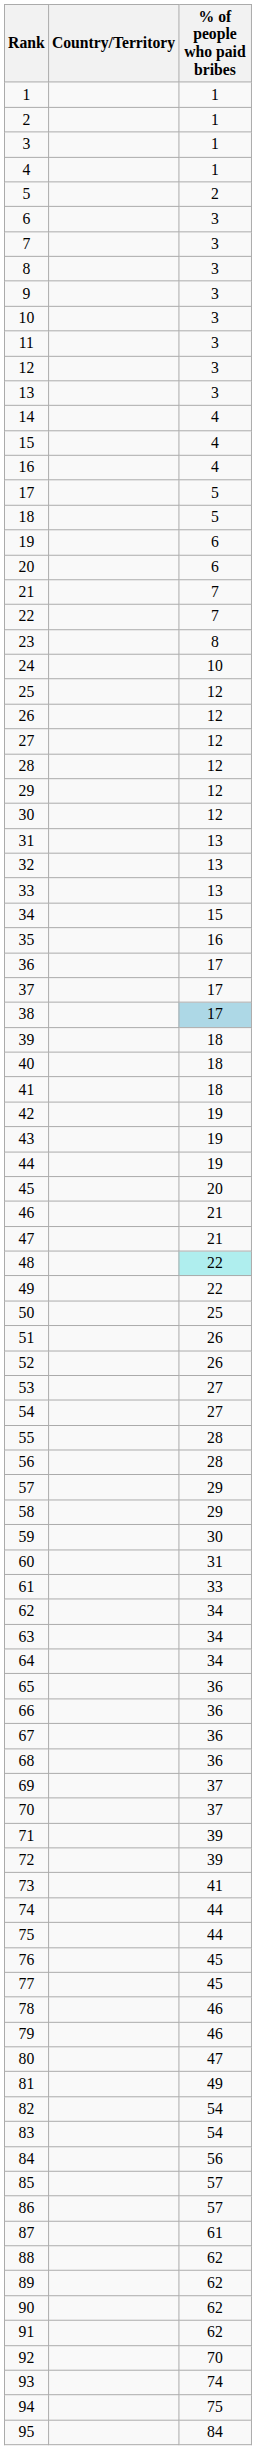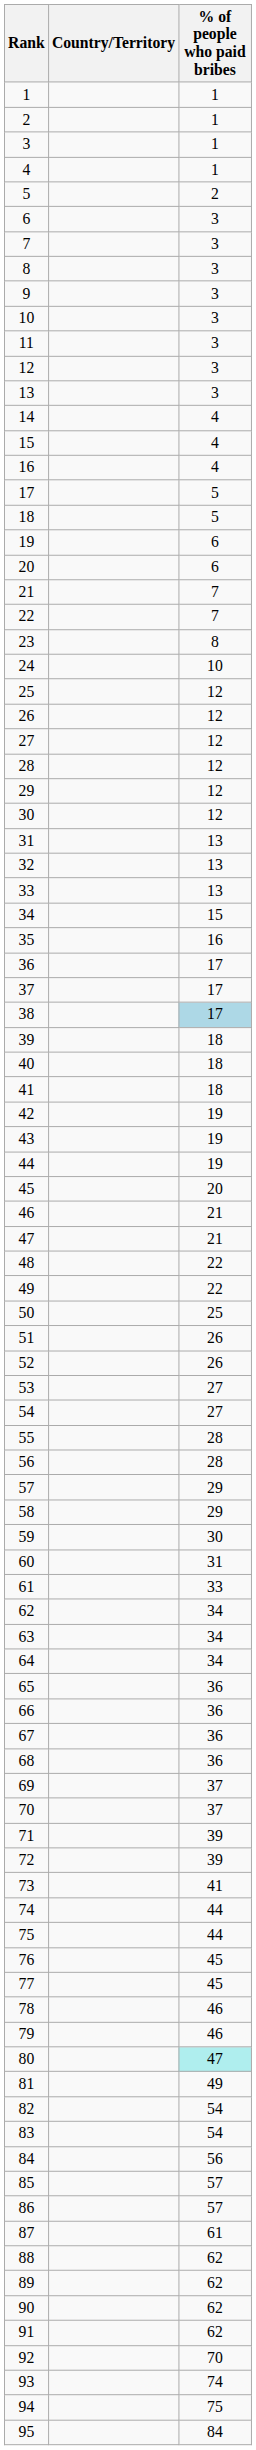 <table class="wikitable sortable" style="font-size: 100%; text-align: center; width: 20%;">
 <tr>
 <th>Rank</th>
 <th>Country/Territory</th>
 <th>% of people who paid bribes</th>
 </tr>
 <tr>
 <td>1</td>
 <td style="text-align: left"></td>
 <td>1</td>
 </tr>
 <tr>
 <td>2</td>
 <td style="text-align: left"></td>
 <td>1</td>
 </tr>
 <tr>
 <td>3</td>
 <td style="text-align: left"></td>
 <td>1</td>
 </tr>
 <tr>
 <td>4</td>
 <td style="text-align: left"></td>
 <td>1</td>
 </tr>
 <tr>
 <td>5</td>
 <td style="text-align: left"></td>
 <td>2</td>
 </tr>
 <tr>
 <td>6</td>
 <td style="text-align: left"></td>
 <td>3</td>
 </tr>
 <tr>
 <td>7</td>
 <td style="text-align: left"></td>
 <td>3</td>
 </tr>
 <tr>
 <td>8</td>
 <td style="text-align: left"></td>
 <td>3</td>
 </tr>
 <tr>
 <td>9</td>
 <td style="text-align: left"></td>
 <td>3</td>
 </tr>
 <tr>
 <td>10</td>
 <td style="text-align: left"></td>
 <td>3</td>
 </tr>
 <tr>
 <td>11</td>
 <td style="text-align: left"></td>
 <td>3</td>
 </tr>
 <tr>
 <td>12</td>
 <td style="text-align: left"></td>
 <td>3</td>
 </tr>
 <tr>
 <td>13</td>
 <td style="text-align: left"></td>
 <td>3</td>
 </tr>
 <tr>
 <td>14</td>
 <td style="text-align: left"></td>
 <td>4</td>
 </tr>
 <tr>
 <td>15</td>
 <td style="text-align: left"></td>
 <td>4</td>
 </tr>
 <tr>
 <td>16</td>
 <td style="text-align: left"></td>
 <td>4</td>
 </tr>
 <tr>
 <td>17</td>
 <td style="text-align: left"></td>
 <td>5</td>
 </tr>
 <tr>
 <td>18</td>
 <td style="text-align: left"></td>
 <td>5</td>
 </tr>
 <tr>
 <td>19</td>
 <td style="text-align: left"></td>
 <td>6</td>
 </tr>
 <tr>
 <td>20</td>
 <td style="text-align: left"></td>
 <td>6</td>
 </tr>
 <tr>
 <td>21</td>
 <td style="text-align: left"></td>
 <td>7</td>
 </tr>
 <tr>
 <td>22</td>
 <td style="text-align: left"></td>
 <td>7</td>
 </tr>
 <tr>
 <td>23</td>
 <td style="text-align: left"></td>
 <td>8</td>
 </tr>
 <tr>
 <td>24</td>
 <td style="text-align: left"></td>
 <td>10</td>
 </tr>
 <tr>
 <td>25</td>
 <td style="text-align: left"></td>
 <td>12</td>
 </tr>
 <tr>
 <td>26</td>
 <td style="text-align: left"></td>
 <td>12</td>
 </tr>
 <tr>
 <td>27</td>
 <td style="text-align: left"></td>
 <td>12</td>
 </tr>
 <tr>
 <td>28</td>
 <td style="text-align: left"></td>
 <td>12</td>
 </tr>
 <tr>
 <td>29</td>
 <td style="text-align: left"></td>
 <td>12</td>
 </tr>
 <tr>
 <td>30</td>
 <td style="text-align: left"></td>
 <td>12</td>
 </tr>
 <tr>
 <td>31</td>
 <td style="text-align: left"></td>
 <td>13</td>
 </tr>
 <tr>
 <td>32</td>
 <td style="text-align: left"></td>
 <td>13</td>
 </tr>
 <tr>
 <td>33</td>
 <td style="text-align: left"></td>
 <td>13</td>
 </tr>
 <tr>
 <td>34</td>
 <td style="text-align: left"></td>
 <td>15</td>
 </tr>
 <tr>
 <td>35</td>
 <td style="text-align: left"></td>
 <td>16</td>
 </tr>
 <tr>
 <td>36</td>
 <td style="text-align: left"></td>
 <td>17</td>
 </tr>
 <tr>
 <td>37</td>
 <td style="text-align: left"></td>
 <td>17</td>
 </tr>
 <tr>
 <td>38</td>
 <td style="text-align: left"></td>
 <td style="background: lightblue;">17</td>
 </tr>
 <tr>
 <td>39</td>
 <td style="text-align: left"></td>
 <td>18</td>
 </tr>
 <tr>
 <td>40</td>
 <td style="text-align: left"></td>
 <td>18</td>
 </tr>
 <tr>
 <td>41</td>
 <td style="text-align: left"></td>
 <td>18</td>
 </tr>
 <tr>
 <td>42</td>
 <td style="text-align: left"></td>
 <td>19</td>
 </tr>
 <tr>
 <td>43</td>
 <td style="text-align: left"></td>
 <td>19</td>
 </tr>
 <tr>
 <td>44</td>
 <td style="text-align: left"></td>
 <td>19</td>
 </tr>
 <tr>
 <td>45</td>
 <td style="text-align: left"></td>
 <td>20</td>
 </tr>
 <tr>
 <td>46</td>
 <td style="text-align: left"></td>
 <td>21</td>
 </tr>
 <tr>
 <td>47</td>
 <td style="text-align: left"></td>
 <td>21</td>
 </tr>
 <tr>
 <td>48</td>
 <td style="text-align: left"></td>
-<td style="background: paleturquoise;">22</td>
+<td>22</td>
 </tr>
 <tr>
 <td>49</td>
 <td style="text-align: left"></td>
 <td>22</td>
 </tr>
 <tr>
 <td>50</td>
 <td style="text-align: left"></td>
 <td>25</td>
 </tr>
 <tr>
 <td>51</td>
 <td style="text-align: left"></td>
 <td>26</td>
 </tr>
 <tr>
 <td>52</td>
 <td style="text-align: left"></td>
 <td>26</td>
 </tr>
 <tr>
 <td>53</td>
 <td style="text-align: left"></td>
 <td>27</td>
 </tr>
 <tr>
 <td>54</td>
 <td style="text-align: left"></td>
 <td>27</td>
 </tr>
 <tr>
 <td>55</td>
 <td style="text-align: left"></td>
 <td>28</td>
 </tr>
 <tr>
 <td>56</td>
 <td style="text-align: left"></td>
 <td>28</td>
 </tr>
 <tr>
 <td>57</td>
 <td style="text-align: left"></td>
 <td>29</td>
 </tr>
 <tr>
 <td>58</td>
 <td style="text-align: left"></td>
 <td>29</td>
 </tr>
 <tr>
 <td>59</td>
 <td style="text-align: left"></td>
 <td>30</td>
 </tr>
 <tr>
 <td>60</td>
 <td style="text-align: left"></td>
 <td>31</td>
 </tr>
 <tr>
 <td>61</td>
 <td style="text-align: left"></td>
 <td>33</td>
 </tr>
 <tr>
 <td>62</td>
 <td style="text-align: left"></td>
 <td>34</td>
 </tr>
 <tr>
 <td>63</td>
 <td style="text-align: left"></td>
 <td>34</td>
 </tr>
 <tr>
 <td>64</td>
 <td style="text-align: left"></td>
 <td>34</td>
 </tr>
 <tr>
 <td>65</td>
 <td style="text-align: left"></td>
 <td>36</td>
 </tr>
 <tr>
 <td>66</td>
 <td style="text-align: left"></td>
 <td>36</td>
 </tr>
 <tr>
 <td>67</td>
 <td style="text-align: left"></td>
 <td>36</td>
 </tr>
 <tr>
 <td>68</td>
 <td style="text-align: left"></td>
 <td>36</td>
 </tr>
 <tr>
 <td>69</td>
 <td style="text-align: left"></td>
 <td>37</td>
 </tr>
 <tr>
 <td>70</td>
 <td style="text-align: left"></td>
 <td>37</td>
 </tr>
 <tr>
 <td>71</td>
 <td style="text-align: left"></td>
 <td>39</td>
 </tr>
 <tr>
 <td>72</td>
 <td style="text-align: left"></td>
 <td>39</td>
 </tr>
 <tr>
 <td>73</td>
 <td style="text-align: left"></td>
 <td>41</td>
 </tr>
 <tr>
 <td>74</td>
 <td style="text-align: left"></td>
 <td>44</td>
 </tr>
 <tr>
 <td>75</td>
 <td style="text-align: left"></td>
 <td>44</td>
 </tr>
 <tr>
 <td>76</td>
 <td style="text-align: left"></td>
 <td>45</td>
 </tr>
 <tr>
 <td>77</td>
 <td style="text-align: left"></td>
 <td>45</td>
 </tr>
 <tr>
 <td>78</td>
 <td style="text-align: left"></td>
 <td>46</td>
 </tr>
 <tr>
 <td>79</td>
 <td style="text-align: left"></td>
 <td>46</td>
 </tr>
 <tr>
 <td>80</td>
 <td style="text-align: left"></td>
-<td>47</td>
+<td style="background: paleturquoise;">47</td>
 </tr>
 <tr>
 <td>81</td>
 <td style="text-align: left"></td>
 <td>49</td>
 </tr>
 <tr>
 <td>82</td>
 <td style="text-align: left"></td>
 <td>54</td>
 </tr>
 <tr>
 <td>83</td>
 <td style="text-align: left"></td>
 <td>54</td>
 </tr>
 <tr>
 <td>84</td>
 <td style="text-align: left"></td>
 <td>56</td>
 </tr>
 <tr>
 <td>85</td>
 <td style="text-align: left"></td>
 <td>57</td>
 </tr>
 <tr>
 <td>86</td>
 <td style="text-align: left"></td>
 <td>57</td>
 </tr>
 <tr>
 <td>87</td>
 <td style="text-align: left"></td>
 <td>61</td>
 </tr>
 <tr>
 <td>88</td>
 <td style="text-align: left"></td>
 <td>62</td>
 </tr>
 <tr>
 <td>89</td>
 <td style="text-align: left"></td>
 <td>62</td>
 </tr>
 <tr>
 <td>90</td>
 <td style="text-align: left"></td>
 <td>62</td>
 </tr>
 <tr>
 <td>91</td>
 <td style="text-align: left"></td>
 <td>62</td>
 </tr>
 <tr>
 <td>92</td>
 <td style="text-align: left"></td>
 <td>70</td>
 </tr>
 <tr>
 <td>93</td>
 <td style="text-align: left"></td>
 <td>74</td>
 </tr>
 <tr>
 <td>94</td>
 <td style="text-align: left"></td>
 <td>75</td>
 </tr>
 <tr>
 <td>95</td>
 <td style="text-align: left"></td>
 <td>84</td>
 </tr>
 </table>
